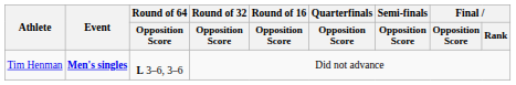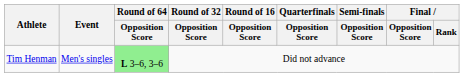 <table class=wikitable style="font-size:90%">
 <tr>
 <th rowspan="2">Athlete</th>
 <th rowspan="2">Event</th>
 <th>Round of 64</th>
 <th>Round of 32</th>
 <th>Round of 16</th>
 <th>Quarterfinals</th>
 <th>Semi-finals</th>
 <th colspan=2>Final / </th>
 </tr>
 <tr style="font-size:95%">
 <th>Opposition<br>Score</th>
 <th>Opposition<br>Score</th>
 <th>Opposition<br>Score</th>
 <th>Opposition<br>Score</th>
 <th>Opposition<br>Score</th>
 <th>Opposition<br>Score</th>
 <th>Rank</th>
 </tr>
 <tr align=center>
 <td align=left><a href='#'>Tim Henman</a></td>
-<td align=left><strong><a href='#'>Men's singles</a></strong></td>
-<td><br><strong>L</strong> 3–6, 3–6</td>
+<td align=left><a href='#'>Men's singles</a></td>
+<td style="background: lightgreen;"><br><strong>L</strong> 3–6, 3–6</td>
 <td colspan=6>Did not advance</td>
 </tr>
 </table>
